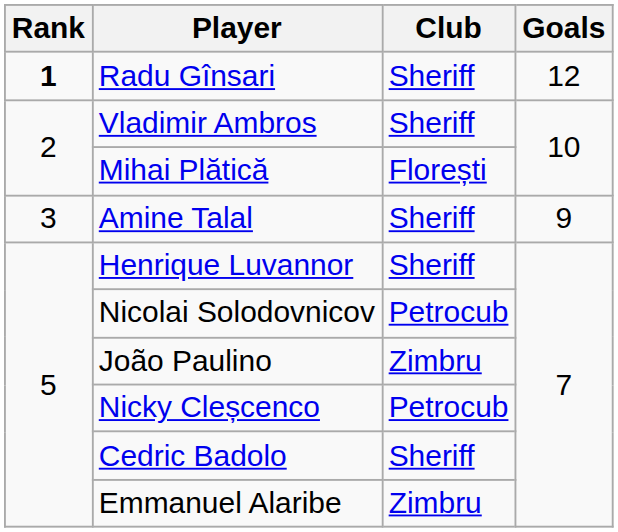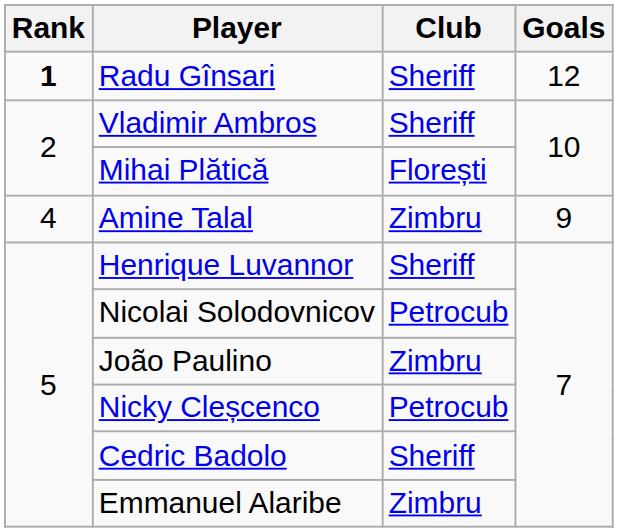 <table class="wikitable">
 <tr>
 <th>Rank</th>
 <th>Player</th>
 <th>Club</th>
 <th>Goals</th>
 </tr>
 <tr>
 <td rowspan=1 align=center><strong>1</strong></td>
 <td> <a href='#'>Radu Gînsari</a></td>
 <td><a href='#'>Sheriff</a></td>
 <td rowspan=1 align=center>12</td>
 </tr>
 <tr>
 <td rowspan=2 align=center>2</td>
 <td> <a href='#'>Vladimir Ambros</a></td>
 <td><a href='#'>Sheriff</a></td>
 <td rowspan=2 align=center>10</td>
 </tr>
 <tr>
 <td> <a href='#'>Mihai Plătică</a></td>
 <td><a href='#'>Florești</a></td>
 </tr>
 <tr>
-<td rowspan=1 align=center>3</td>
+<td rowspan=1 align=center>4</td>
 <td> <a href='#'>Amine Talal</a></td>
-<td><a href='#'>Sheriff</a></td>
+<td><a href='#'>Zimbru</a></td>
 <td rowspan=1 align=center>9</td>
 </tr>
 <tr>
 <td rowspan=6 align=center>5</td>
 <td> <a href='#'>Henrique Luvannor</a></td>
 <td><a href='#'>Sheriff</a></td>
 <td rowspan=6 align=center>7</td>
 </tr>
 <tr>
 <td> Nicolai Solodovnicov</td>
 <td><a href='#'>Petrocub</a></td>
 </tr>
 <tr>
 <td> João Paulino</td>
 <td><a href='#'>Zimbru</a></td>
 </tr>
 <tr>
 <td> <a href='#'>Nicky Cleșcenco</a></td>
 <td><a href='#'>Petrocub</a></td>
 </tr>
 <tr>
 <td> <a href='#'>Cedric Badolo</a></td>
 <td><a href='#'>Sheriff</a></td>
 </tr>
 <tr>
 <td> Emmanuel Alaribe</td>
 <td><a href='#'>Zimbru</a></td>
 </tr>
 </table>
